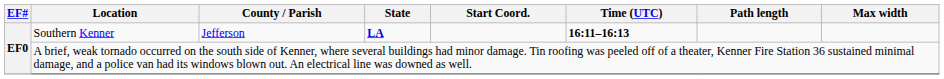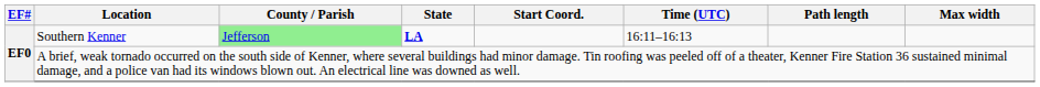 <table class="wikitable sortable" style="width:100%;">
 <tr>
 <th scope="col" width="2%" align="center"><a href='#'>EF#</a></th>
 <th scope="col" align="center" class="unsortable">Location</th>
 <th scope="col" align="center" class="unsortable">County / Parish</th>
 <th scope="col" align="center">State</th>
 <th scope="col" align="center">Start Coord.</th>
 <th scope="col" align="center">Time (<a href='#'>UTC</a>)</th>
 <th scope="col" align="center">Path length</th>
 <th scope="col" align="center">Max width</th>
 </tr>
 <tr>
 <th scope="row" rowspan="2" style="background-color:#">EF0</th>
 <td>Southern <a href='#'>Kenner</a></td>
-<td><a href='#'>Jefferson</a></td>
+<td style="background: lightgreen;"><a href='#'>Jefferson</a></td>
 <td><strong><a href='#'>LA</a></strong></td>
 <td></td>
-<td><strong>16:11–16:13</strong></td>
+<td>16:11–16:13</td>
 <td></td>
 <td></td>
 </tr>
 <tr class="expand-child">
 <td colspan="8" style=" border-bottom: 1px solid black;">A brief, weak tornado occurred on the south side of Kenner, where several buildings had minor damage. Tin roofing was peeled off of a theater, Kenner Fire Station 36 sustained minimal damage, and a police van had its windows blown out. An electrical line was downed as well.</td>
 </tr>
 <tr>
 </tr>
 </table>
